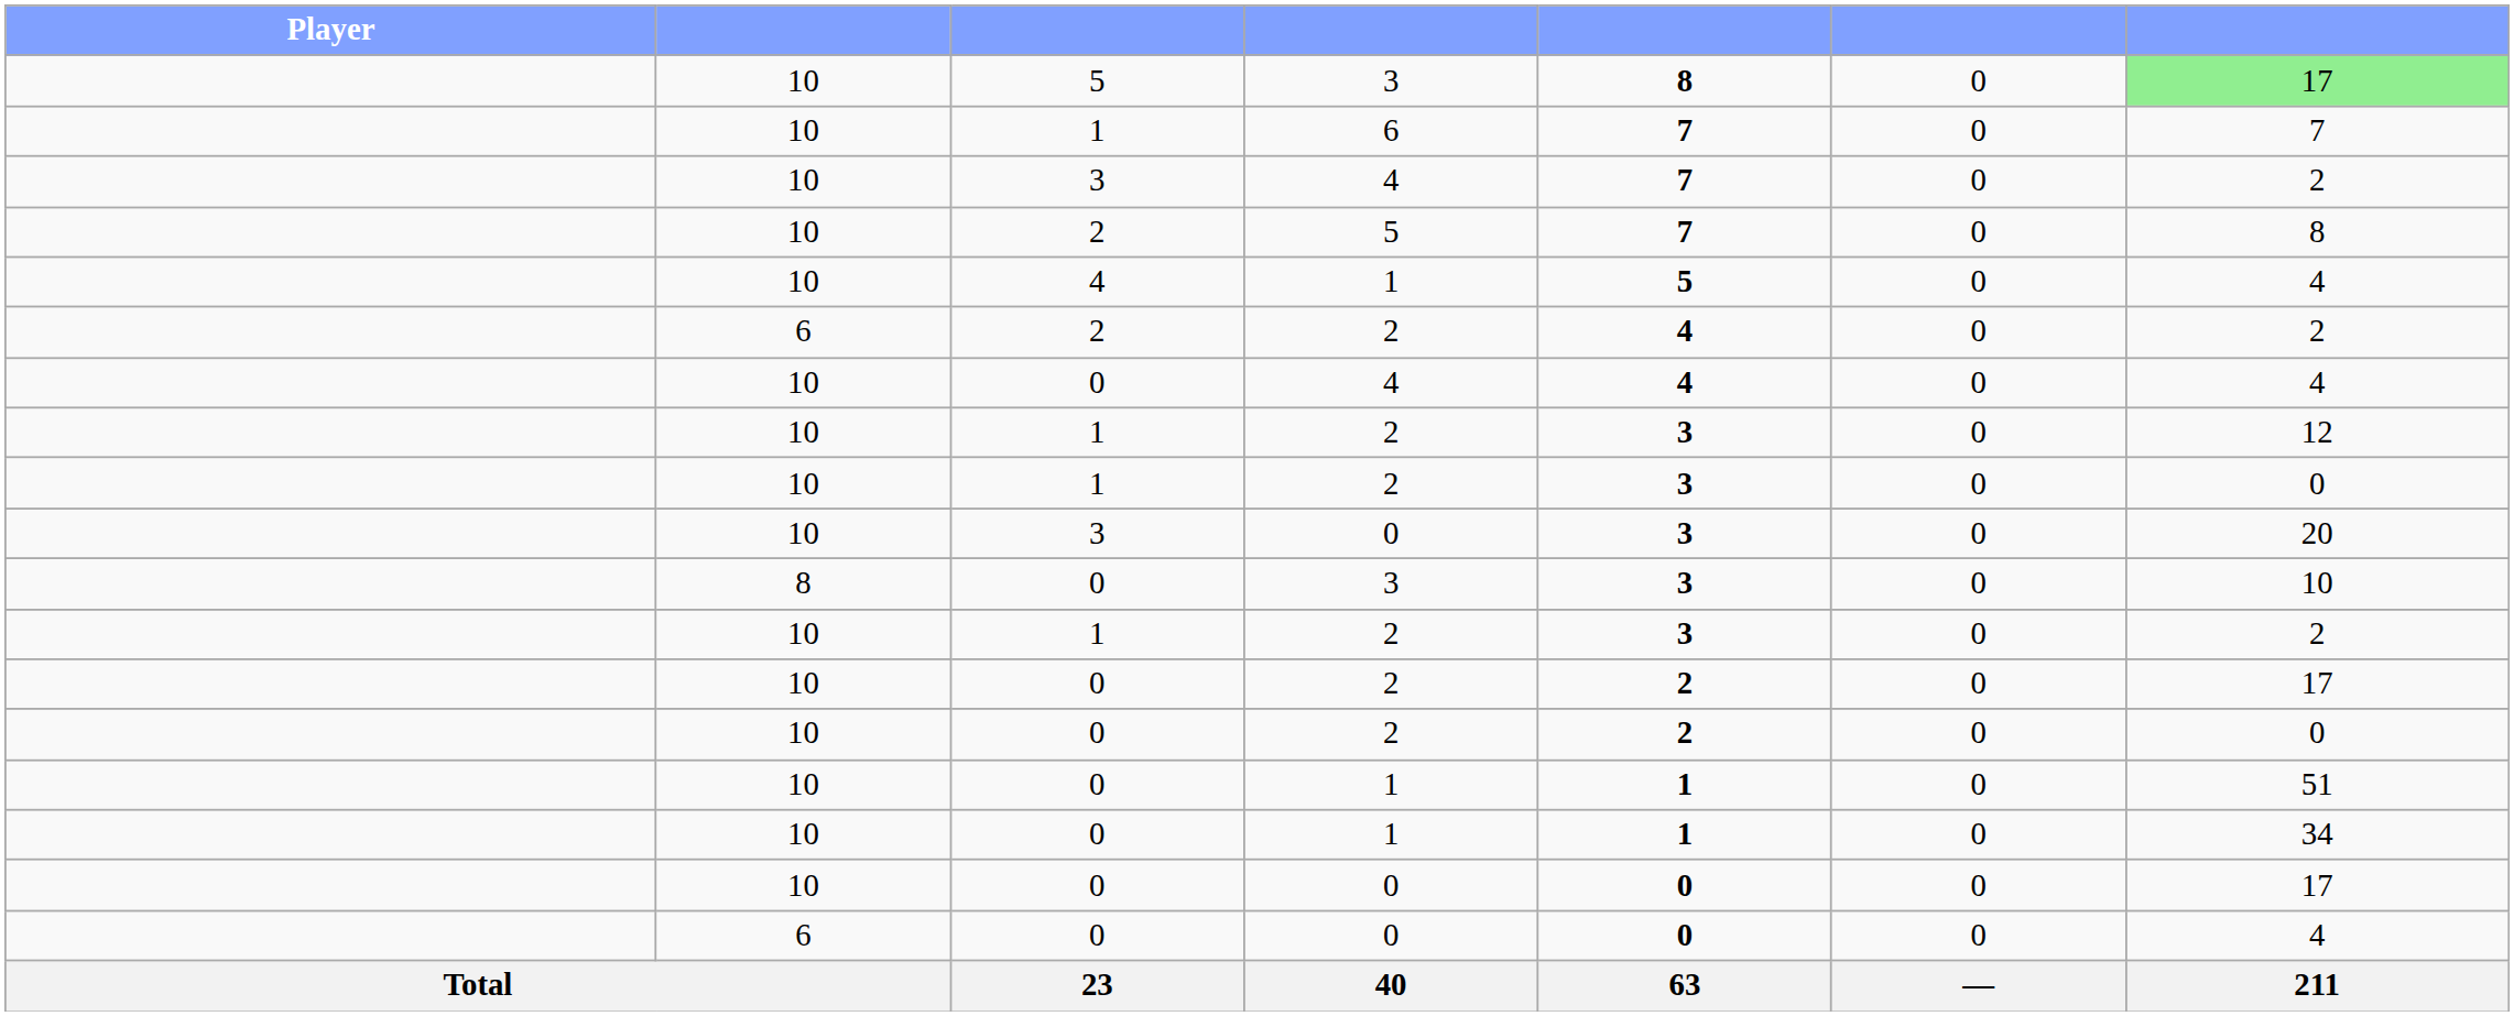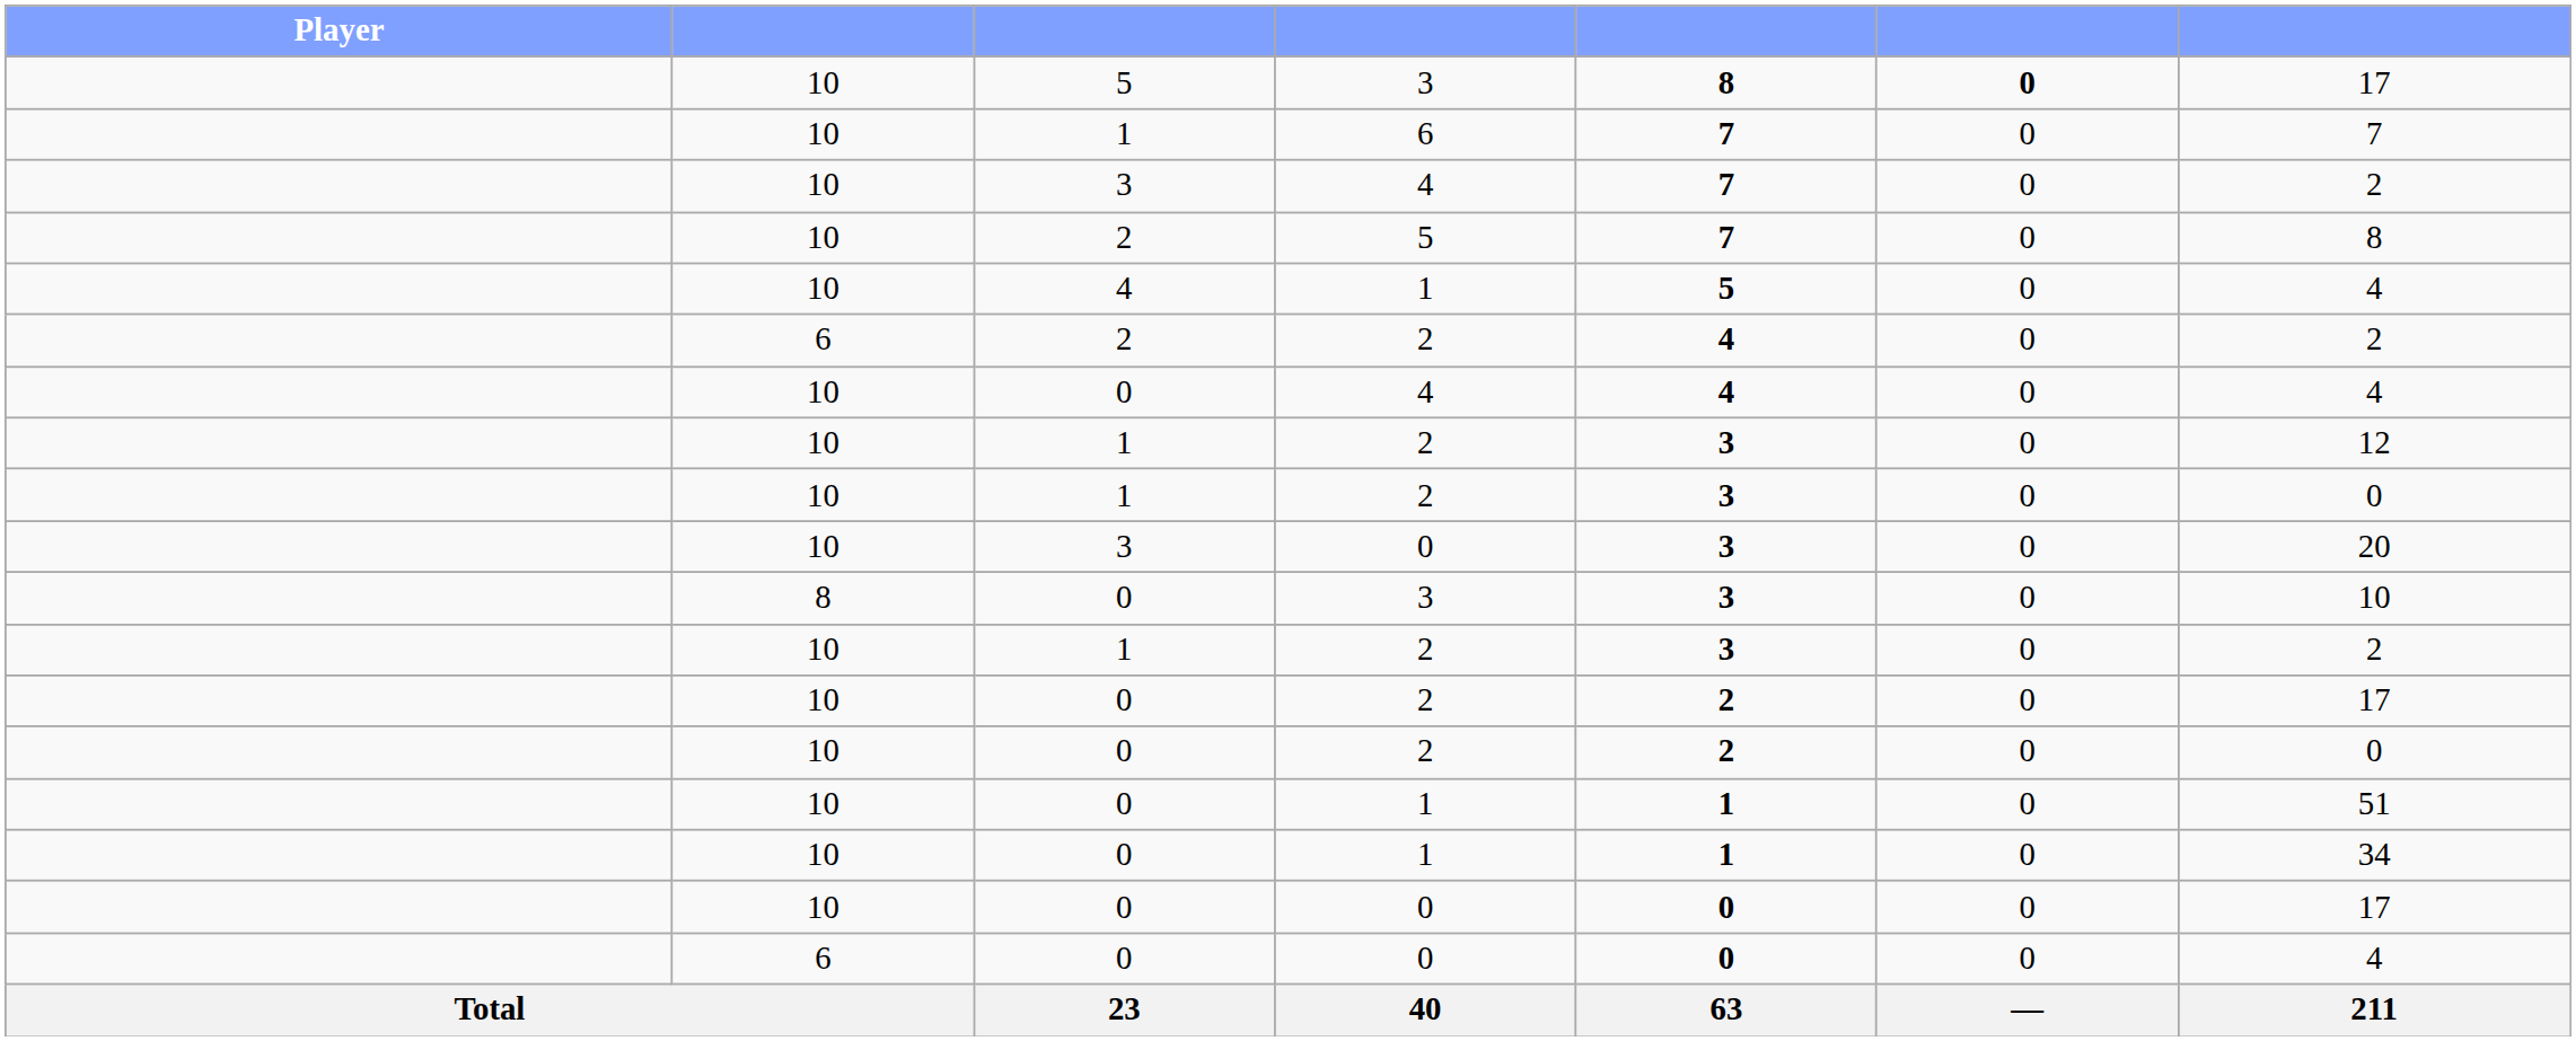 <table class="wikitable sortable" style="width:100%; text-align:center;">
 <tr>
 <th style="color:white; background:#80A0FF; ">Player</th>
 <th style="color:white; background:#80A0FF; "></th>
 <th style="color:white; background:#80A0FF; "></th>
 <th style="color:white; background:#80A0FF; "></th>
 <th style="color:white; background:#80A0FF; "></th>
 <th style="color:white; background:#80A0FF; "></th>
 <th style="color:white; background:#80A0FF; "></th>
 </tr>
 <tr>
 <td></td>
 <td>10</td>
 <td>5</td>
 <td>3</td>
 <td><strong>8</strong></td>
-<td>0</td>
-<td style="background: lightgreen;">17</td>
+<td><strong>0</strong></td>
+<td>17</td>
 </tr>
 <tr>
 <td></td>
 <td>10</td>
 <td>1</td>
 <td>6</td>
 <td><strong>7</strong></td>
 <td>0</td>
 <td>7</td>
 </tr>
 <tr>
 <td></td>
 <td>10</td>
 <td>3</td>
 <td>4</td>
 <td><strong>7</strong></td>
 <td>0</td>
 <td>2</td>
 </tr>
 <tr>
 <td></td>
 <td>10</td>
 <td>2</td>
 <td>5</td>
 <td><strong>7</strong></td>
 <td>0</td>
 <td>8</td>
 </tr>
 <tr>
 <td></td>
 <td>10</td>
 <td>4</td>
 <td>1</td>
 <td><strong>5</strong></td>
 <td>0</td>
 <td>4</td>
 </tr>
 <tr>
 <td></td>
 <td>6</td>
 <td>2</td>
 <td>2</td>
 <td><strong>4</strong></td>
 <td>0</td>
 <td>2</td>
 </tr>
 <tr>
 <td></td>
 <td>10</td>
 <td>0</td>
 <td>4</td>
 <td><strong>4</strong></td>
 <td>0</td>
 <td>4</td>
 </tr>
 <tr>
 <td></td>
 <td>10</td>
 <td>1</td>
 <td>2</td>
 <td><strong>3</strong></td>
 <td>0</td>
 <td>12</td>
 </tr>
 <tr>
 <td></td>
 <td>10</td>
 <td>1</td>
 <td>2</td>
 <td><strong>3</strong></td>
 <td>0</td>
 <td>0</td>
 </tr>
 <tr>
 <td></td>
 <td>10</td>
 <td>3</td>
 <td>0</td>
 <td><strong>3</strong></td>
 <td>0</td>
 <td>20</td>
 </tr>
 <tr>
 <td></td>
 <td>8</td>
 <td>0</td>
 <td>3</td>
 <td><strong>3</strong></td>
 <td>0</td>
 <td>10</td>
 </tr>
 <tr>
 <td></td>
 <td>10</td>
 <td>1</td>
 <td>2</td>
 <td><strong>3</strong></td>
 <td>0</td>
 <td>2</td>
 </tr>
 <tr>
 <td></td>
 <td>10</td>
 <td>0</td>
 <td>2</td>
 <td><strong>2</strong></td>
 <td>0</td>
 <td>17</td>
 </tr>
 <tr>
 <td></td>
 <td>10</td>
 <td>0</td>
 <td>2</td>
 <td><strong>2</strong></td>
 <td>0</td>
 <td>0</td>
 </tr>
 <tr>
 <td></td>
 <td>10</td>
 <td>0</td>
 <td>1</td>
 <td><strong>1</strong></td>
 <td>0</td>
 <td>51</td>
 </tr>
 <tr>
 <td></td>
 <td>10</td>
 <td>0</td>
 <td>1</td>
 <td><strong>1</strong></td>
 <td>0</td>
 <td>34</td>
 </tr>
 <tr>
 <td></td>
 <td>10</td>
 <td>0</td>
 <td>0</td>
 <td><strong>0</strong></td>
 <td>0</td>
 <td>17</td>
 </tr>
 <tr>
 <td></td>
 <td>6</td>
 <td>0</td>
 <td>0</td>
 <td><strong>0</strong></td>
 <td>0</td>
 <td>4</td>
 </tr>
 <tr class="sortbottom">
 <th colspan=2>Total</th>
 <th>23</th>
 <th>40</th>
 <th>63</th>
 <th>—</th>
 <th>211</th>
 </tr>
 </table>
